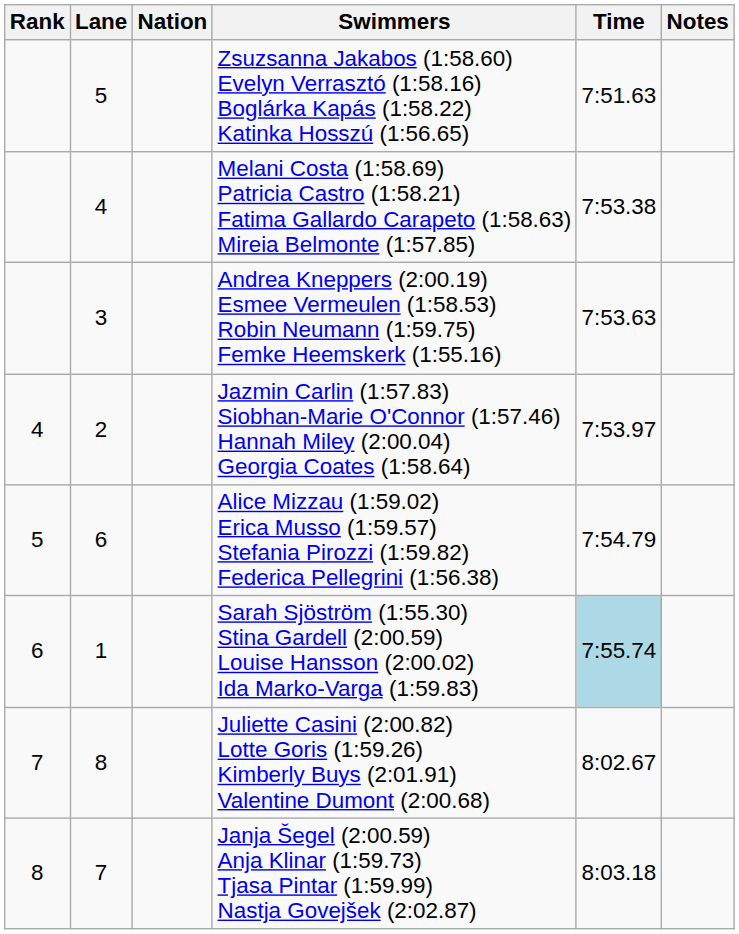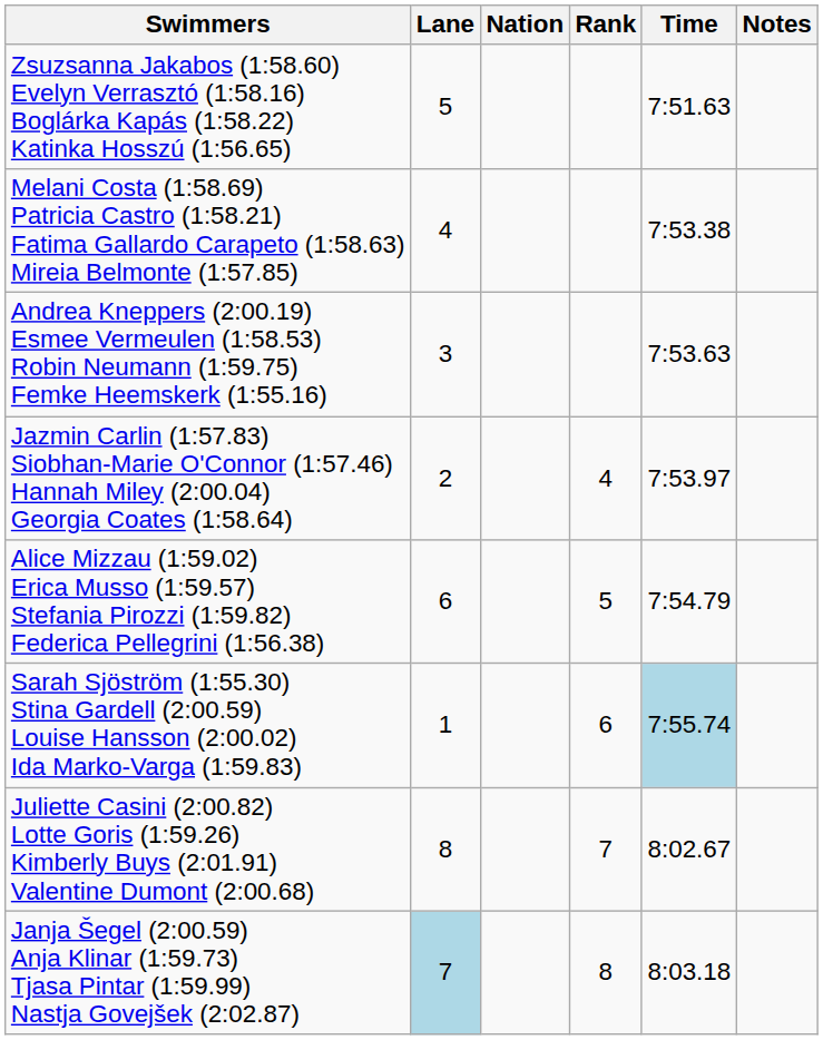 <table class="wikitable sortable" style="text-align:center">
 <tr>
-<th>Rank</th>
+<th>Swimmers</th>
 <th>Lane</th>
 <th>Nation</th>
-<th>Swimmers</th>
+<th>Rank</th>
 <th>Time</th>
 <th>Notes</th>
 </tr>
 <tr>
-<td></td>
+<td align=left><a href='#'>Zsuzsanna Jakabos</a> (1:58.60)<br><a href='#'>Evelyn Verrasztó</a> (1:58.16)<br><a href='#'>Boglárka Kapás</a> (1:58.22)<br><a href='#'>Katinka Hosszú</a> (1:56.65)</td>
 <td>5</td>
 <td align=left></td>
-<td align=left><a href='#'>Zsuzsanna Jakabos</a> (1:58.60)<br><a href='#'>Evelyn Verrasztó</a> (1:58.16)<br><a href='#'>Boglárka Kapás</a> (1:58.22)<br><a href='#'>Katinka Hosszú</a> (1:56.65)</td>
+<td></td>
 <td>7:51.63</td>
 <td></td>
 </tr>
 <tr>
-<td></td>
+<td align=left><a href='#'>Melani Costa</a> (1:58.69)<br><a href='#'>Patricia Castro</a> (1:58.21)<br><a href='#'>Fatima Gallardo Carapeto</a> (1:58.63)<br><a href='#'>Mireia Belmonte</a> (1:57.85)</td>
 <td>4</td>
 <td align=left></td>
-<td align=left><a href='#'>Melani Costa</a> (1:58.69)<br><a href='#'>Patricia Castro</a> (1:58.21)<br><a href='#'>Fatima Gallardo Carapeto</a> (1:58.63)<br><a href='#'>Mireia Belmonte</a> (1:57.85)</td>
+<td></td>
 <td>7:53.38</td>
 <td></td>
 </tr>
 <tr>
-<td></td>
+<td align=left><a href='#'>Andrea Kneppers</a> (2:00.19)<br><a href='#'>Esmee Vermeulen</a> (1:58.53)<br><a href='#'>Robin Neumann</a> (1:59.75)<br><a href='#'>Femke Heemskerk</a> (1:55.16)</td>
 <td>3</td>
 <td align=left></td>
-<td align=left><a href='#'>Andrea Kneppers</a> (2:00.19)<br><a href='#'>Esmee Vermeulen</a> (1:58.53)<br><a href='#'>Robin Neumann</a> (1:59.75)<br><a href='#'>Femke Heemskerk</a> (1:55.16)</td>
+<td></td>
 <td>7:53.63</td>
 <td></td>
 </tr>
 <tr>
-<td>4</td>
+<td align=left><a href='#'>Jazmin Carlin</a> (1:57.83)<br><a href='#'>Siobhan-Marie O'Connor</a> (1:57.46)<br><a href='#'>Hannah Miley</a> (2:00.04)<br><a href='#'>Georgia Coates</a> (1:58.64)</td>
 <td>2</td>
 <td align=left></td>
-<td align=left><a href='#'>Jazmin Carlin</a> (1:57.83)<br><a href='#'>Siobhan-Marie O'Connor</a> (1:57.46)<br><a href='#'>Hannah Miley</a> (2:00.04)<br><a href='#'>Georgia Coates</a> (1:58.64)</td>
+<td>4</td>
 <td>7:53.97</td>
 <td></td>
 </tr>
 <tr>
-<td>5</td>
+<td align=left><a href='#'>Alice Mizzau</a> (1:59.02) <br><a href='#'>Erica Musso</a> (1:59.57)<br><a href='#'>Stefania Pirozzi</a> (1:59.82)<br><a href='#'>Federica Pellegrini</a> (1:56.38)</td>
 <td>6</td>
 <td align=left></td>
-<td align=left><a href='#'>Alice Mizzau</a> (1:59.02) <br><a href='#'>Erica Musso</a> (1:59.57)<br><a href='#'>Stefania Pirozzi</a> (1:59.82)<br><a href='#'>Federica Pellegrini</a> (1:56.38)</td>
+<td>5</td>
 <td>7:54.79</td>
 <td></td>
 </tr>
 <tr>
-<td>6</td>
+<td align=left><a href='#'>Sarah Sjöström</a> (1:55.30)<br><a href='#'>Stina Gardell</a> (2:00.59)<br><a href='#'>Louise Hansson</a> (2:00.02)<br><a href='#'>Ida Marko-Varga</a> (1:59.83)</td>
 <td>1</td>
 <td align=left></td>
-<td align=left><a href='#'>Sarah Sjöström</a> (1:55.30)<br><a href='#'>Stina Gardell</a> (2:00.59)<br><a href='#'>Louise Hansson</a> (2:00.02)<br><a href='#'>Ida Marko-Varga</a> (1:59.83)</td>
+<td>6</td>
 <td style="background: lightblue;">7:55.74</td>
 <td></td>
 </tr>
 <tr>
-<td>7</td>
+<td align=left><a href='#'>Juliette Casini</a> (2:00.82)<br><a href='#'>Lotte Goris</a> (1:59.26)<br><a href='#'>Kimberly Buys</a> (2:01.91)<br><a href='#'>Valentine Dumont</a> (2:00.68)</td>
 <td>8</td>
 <td align=left></td>
-<td align=left><a href='#'>Juliette Casini</a> (2:00.82)<br><a href='#'>Lotte Goris</a> (1:59.26)<br><a href='#'>Kimberly Buys</a> (2:01.91)<br><a href='#'>Valentine Dumont</a> (2:00.68)</td>
+<td>7</td>
 <td>8:02.67</td>
 <td></td>
 </tr>
 <tr>
+<td align=left><a href='#'>Janja Šegel</a> (2:00.59)<br><a href='#'>Anja Klinar</a> (1:59.73)<br><a href='#'>Tjasa Pintar</a> (1:59.99)<br><a href='#'>Nastja Govejšek</a> (2:02.87)</td>
+<td style="background: lightblue;">7</td>
+<td align=left></td>
 <td>8</td>
-<td>7</td>
-<td align=left></td>
-<td align=left><a href='#'>Janja Šegel</a> (2:00.59)<br><a href='#'>Anja Klinar</a> (1:59.73)<br><a href='#'>Tjasa Pintar</a> (1:59.99)<br><a href='#'>Nastja Govejšek</a> (2:02.87)</td>
 <td>8:03.18</td>
 <td></td>
 </tr>
 </table>
